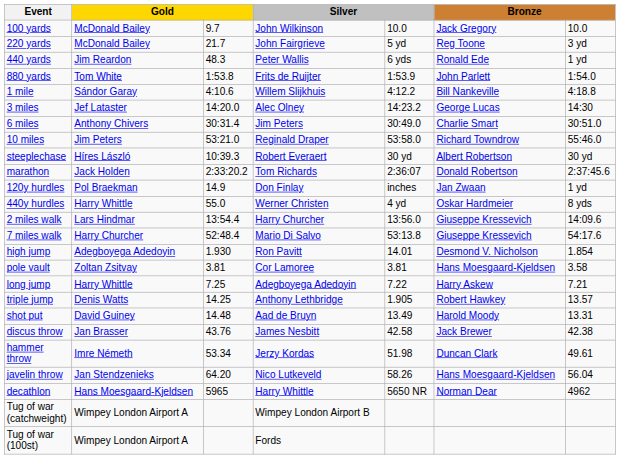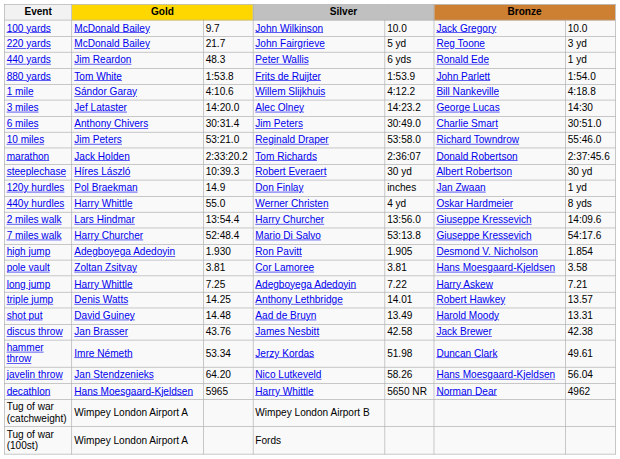 <table class="wikitable" style="text-align:left">
 <tr>
 <th width=100>Event</th>
 <th colspan="2" width="280" style="background:gold;">Gold</th>
 <th colspan="2" width="280" style="background:silver;">Silver</th>
 <th colspan="2" width="280" style="background:#CD7F32;">Bronze</th>
 </tr>
 <tr>
 <td><a href='#'>100 yards</a></td>
 <td><a href='#'>McDonald Bailey</a></td>
 <td>9.7</td>
 <td><a href='#'>John Wilkinson</a></td>
 <td>10.0</td>
 <td><a href='#'>Jack Gregory</a></td>
 <td>10.0</td>
 </tr>
 <tr>
 <td><a href='#'>220 yards</a></td>
 <td><a href='#'>McDonald Bailey</a></td>
 <td>21.7</td>
 <td><a href='#'>John Fairgrieve</a></td>
 <td>5 yd</td>
 <td><a href='#'>Reg Toone</a></td>
 <td>3 yd</td>
 </tr>
 <tr>
 <td><a href='#'>440 yards</a></td>
 <td> <a href='#'>Jim Reardon</a></td>
 <td>48.3</td>
 <td> <a href='#'>Peter Wallis</a></td>
 <td>6 yds</td>
 <td><a href='#'>Ronald Ede</a></td>
 <td>1 yd</td>
 </tr>
 <tr>
 <td><a href='#'>880 yards</a></td>
 <td><a href='#'>Tom White</a></td>
 <td>1:53.8</td>
 <td> <a href='#'>Frits de Ruijter</a></td>
 <td>1:53.9</td>
 <td><a href='#'>John Parlett</a></td>
 <td>1:54.0</td>
 </tr>
 <tr>
 <td><a href='#'>1 mile</a></td>
 <td> <a href='#'>Sándor Garay</a></td>
 <td>4:10.6</td>
 <td> <a href='#'>Willem Slijkhuis</a></td>
 <td>4:12.2</td>
 <td><a href='#'>Bill Nankeville</a></td>
 <td>4:18.8</td>
 </tr>
 <tr>
 <td><a href='#'>3 miles</a></td>
 <td> <a href='#'>Jef Lataster</a></td>
 <td>14:20.0</td>
 <td><a href='#'>Alec Olney</a></td>
 <td>14:23.2</td>
 <td><a href='#'>George Lucas</a></td>
 <td>14:30</td>
 </tr>
 <tr>
 <td><a href='#'>6 miles</a></td>
 <td><a href='#'>Anthony Chivers</a></td>
 <td>30:31.4</td>
 <td><a href='#'>Jim Peters</a></td>
 <td>30:49.0</td>
 <td><a href='#'>Charlie Smart</a></td>
 <td>30:51.0</td>
 </tr>
 <tr>
 <td><a href='#'>10 miles</a></td>
 <td><a href='#'>Jim Peters</a></td>
 <td>53:21.0</td>
 <td><a href='#'>Reginald Draper</a></td>
 <td>53:58.0</td>
 <td><a href='#'>Richard Towndrow</a></td>
 <td>55:46.0</td>
 </tr>
 <tr>
+<td><a href='#'>marathon</a></td>
+<td><a href='#'>Jack Holden</a></td>
+<td>2:33:20.2</td>
+<td> <a href='#'>Tom Richards</a></td>
+<td>2:36:07</td>
+<td> <a href='#'>Donald Robertson</a></td>
+<td>2:37:45.6</td>
+</tr>
+<tr>
 <td><a href='#'>steeplechase</a></td>
 <td> <a href='#'>Híres László</a></td>
 <td>10:39.3</td>
 <td> <a href='#'>Robert Everaert</a></td>
 <td>30 yd</td>
 <td><a href='#'>Albert Robertson</a></td>
 <td>30 yd</td>
-</tr>
-<tr>
-<td><a href='#'>marathon</a></td>
-<td><a href='#'>Jack Holden</a></td>
-<td>2:33:20.2</td>
-<td> <a href='#'>Tom Richards</a></td>
-<td>2:36:07</td>
-<td> <a href='#'>Donald Robertson</a></td>
-<td>2:37:45.6</td>
 </tr>
 <tr>
 <td><a href='#'>120y hurdles</a></td>
 <td> <a href='#'>Pol Braekman</a></td>
 <td>14.9</td>
 <td><a href='#'>Don Finlay</a></td>
 <td>inches</td>
 <td> <a href='#'>Jan Zwaan</a></td>
 <td>1 yd</td>
 </tr>
 <tr>
 <td><a href='#'>440y hurdles</a></td>
 <td><a href='#'>Harry Whittle</a></td>
 <td>55.0</td>
 <td> <a href='#'>Werner Christen</a></td>
 <td>4 yd</td>
 <td> <a href='#'>Oskar Hardmeier</a></td>
 <td>8 yds</td>
 </tr>
 <tr>
 <td><a href='#'>2 miles walk</a></td>
 <td> <a href='#'>Lars Hindmar</a></td>
 <td>13:54.4</td>
 <td><a href='#'>Harry Churcher</a></td>
 <td>13:56.0</td>
 <td> <a href='#'>Giuseppe Kressevich</a></td>
 <td>14:09.6</td>
 </tr>
 <tr>
 <td><a href='#'>7 miles walk</a></td>
 <td><a href='#'>Harry Churcher</a></td>
 <td>52:48.4</td>
 <td> <a href='#'>Mario Di Salvo</a></td>
 <td>53:13.8</td>
 <td> <a href='#'>Giuseppe Kressevich</a></td>
 <td>54:17.6</td>
 </tr>
 <tr>
 <td><a href='#'>high jump</a></td>
 <td> <a href='#'>Adegboyega Adedoyin</a></td>
 <td>1.930</td>
 <td><a href='#'>Ron Pavitt</a></td>
-<td>14.01</td>
+<td>1.905</td>
 <td><a href='#'>Desmond V. Nicholson</a></td>
 <td>1.854</td>
 </tr>
 <tr>
 <td><a href='#'>pole vault</a></td>
 <td> <a href='#'>Zoltan Zsitvay</a></td>
 <td>3.81</td>
 <td> <a href='#'>Cor Lamoree</a></td>
 <td>3.81</td>
 <td> <a href='#'>Hans Moesgaard-Kjeldsen</a></td>
 <td>3.58</td>
 </tr>
 <tr>
 <td><a href='#'>long jump</a></td>
 <td><a href='#'>Harry Whittle</a></td>
 <td>7.25</td>
 <td> <a href='#'>Adegboyega Adedoyin</a></td>
 <td>7.22</td>
 <td><a href='#'>Harry Askew</a></td>
 <td>7.21</td>
 </tr>
 <tr>
 <td><a href='#'>triple jump</a></td>
 <td><a href='#'>Denis Watts</a></td>
 <td>14.25</td>
 <td> <a href='#'>Anthony Lethbridge</a></td>
-<td>1.905</td>
+<td>14.01</td>
 <td><a href='#'>Robert Hawkey</a></td>
 <td>13.57</td>
 </tr>
 <tr>
 <td><a href='#'>shot put</a></td>
 <td> <a href='#'>David Guiney</a></td>
 <td>14.48</td>
 <td> <a href='#'>Aad de Bruyn</a></td>
 <td>13.49</td>
 <td><a href='#'>Harold Moody</a></td>
 <td>13.31</td>
 </tr>
 <tr>
 <td><a href='#'>discus throw</a></td>
 <td> <a href='#'>Jan Brasser</a></td>
 <td>43.76</td>
 <td> <a href='#'>James Nesbitt</a></td>
 <td>42.58</td>
 <td><a href='#'>Jack Brewer</a></td>
 <td>42.38</td>
 </tr>
 <tr>
 <td><a href='#'>hammer throw</a></td>
 <td> <a href='#'>Imre Németh</a></td>
 <td>53.34</td>
 <td> <a href='#'>Jerzy Kordas</a></td>
 <td>51.98</td>
 <td> <a href='#'>Duncan Clark</a></td>
 <td>49.61</td>
 </tr>
 <tr>
 <td><a href='#'>javelin throw</a></td>
 <td> <a href='#'>Jan Stendzenieks</a></td>
 <td>64.20</td>
 <td> <a href='#'>Nico Lutkeveld</a></td>
 <td>58.26</td>
 <td> <a href='#'>Hans Moesgaard-Kjeldsen</a></td>
 <td>56.04</td>
 </tr>
 <tr>
 <td><a href='#'>decathlon</a></td>
 <td> <a href='#'>Hans Moesgaard-Kjeldsen</a></td>
 <td>5965</td>
 <td><a href='#'>Harry Whittle</a></td>
 <td>5650 NR</td>
 <td><a href='#'>Norman Dear</a></td>
 <td>4962</td>
 </tr>
 <tr>
 <td>Tug of war (catchweight)</td>
 <td>Wimpey London Airport A</td>
 <td></td>
 <td>Wimpey London Airport B</td>
 <td></td>
 <td></td>
 <td></td>
 </tr>
 <tr>
 <td>Tug of war (100st)</td>
 <td>Wimpey London Airport A</td>
 <td></td>
 <td>Fords</td>
 <td></td>
 <td></td>
 <td></td>
 </tr>
 </table>
